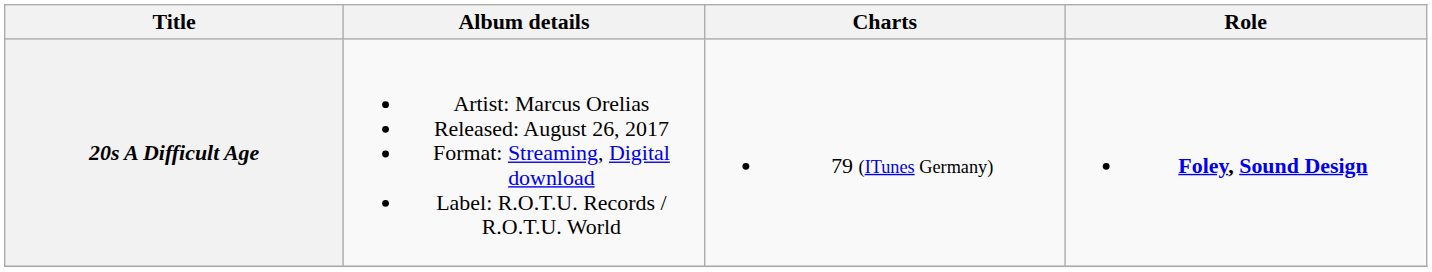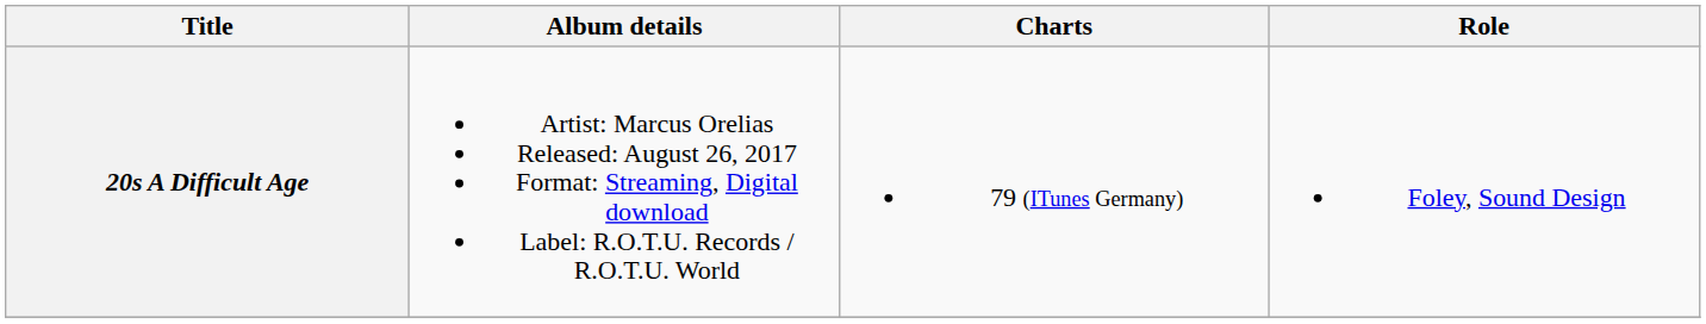 <table class="wikitable plainrowheaders" style="text-align:center;">
 <tr>
 <th scope="col" style="width:15em;">Title</th>
 <th scope="col" style="width:16em;">Album details</th>
 <th scope="col" style="width:16em;">Charts</th>
 <th scope="col" style="width:16em;">Role</th>
 </tr>
 <tr>
 <th scope="row"><em>20s A Difficult Age</em></th>
 <td><br><ul><li>Artist: Marcus Orelias</li><li>Released: August 26, 2017</li><li>Format: <a href='#'>Streaming</a>, <a href='#'>Digital download</a></li><li>Label: R.O.T.U. Records / R.O.T.U. World</li></ul></td>
 <td><br><ul><li>79 <small>(<a href='#'>ITunes</a> Germany)</small></li></ul></td>
-<td><strong><br><ul><li><a href='#'>Foley</a>, <a href='#'>Sound Design</a></li></ul></strong></td>
+<td><br><ul><li><a href='#'>Foley</a>, <a href='#'>Sound Design</a></li></ul></td>
 </tr>
 <tr>
 </tr>
 </table>
